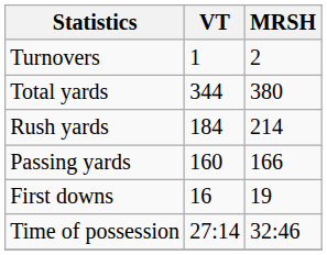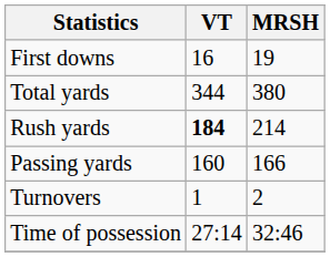 <table class="wikitable" style="float: left;">
 <tr>
 <th>Statistics</th>
 <th>VT</th>
 <th>MRSH</th>
 </tr>
 <tr>
-<td>Turnovers</td>
-<td>1</td>
-<td>2</td>
+<td>First downs</td>
+<td>16</td>
+<td>19</td>
 </tr>
 <tr>
 <td>Total yards</td>
 <td>344</td>
 <td>380</td>
 </tr>
 <tr>
 <td>Rush yards</td>
-<td>184</td>
+<td><strong>184</strong></td>
 <td>214</td>
 </tr>
 <tr>
 <td>Passing yards</td>
 <td>160</td>
 <td>166</td>
 </tr>
 <tr>
-<td>First downs</td>
-<td>16</td>
-<td>19</td>
+<td>Turnovers</td>
+<td>1</td>
+<td>2</td>
 </tr>
 <tr>
 <td>Time of possession</td>
 <td>27:14</td>
 <td>32:46</td>
 </tr>
 <tr>
 </tr>
 </table>
